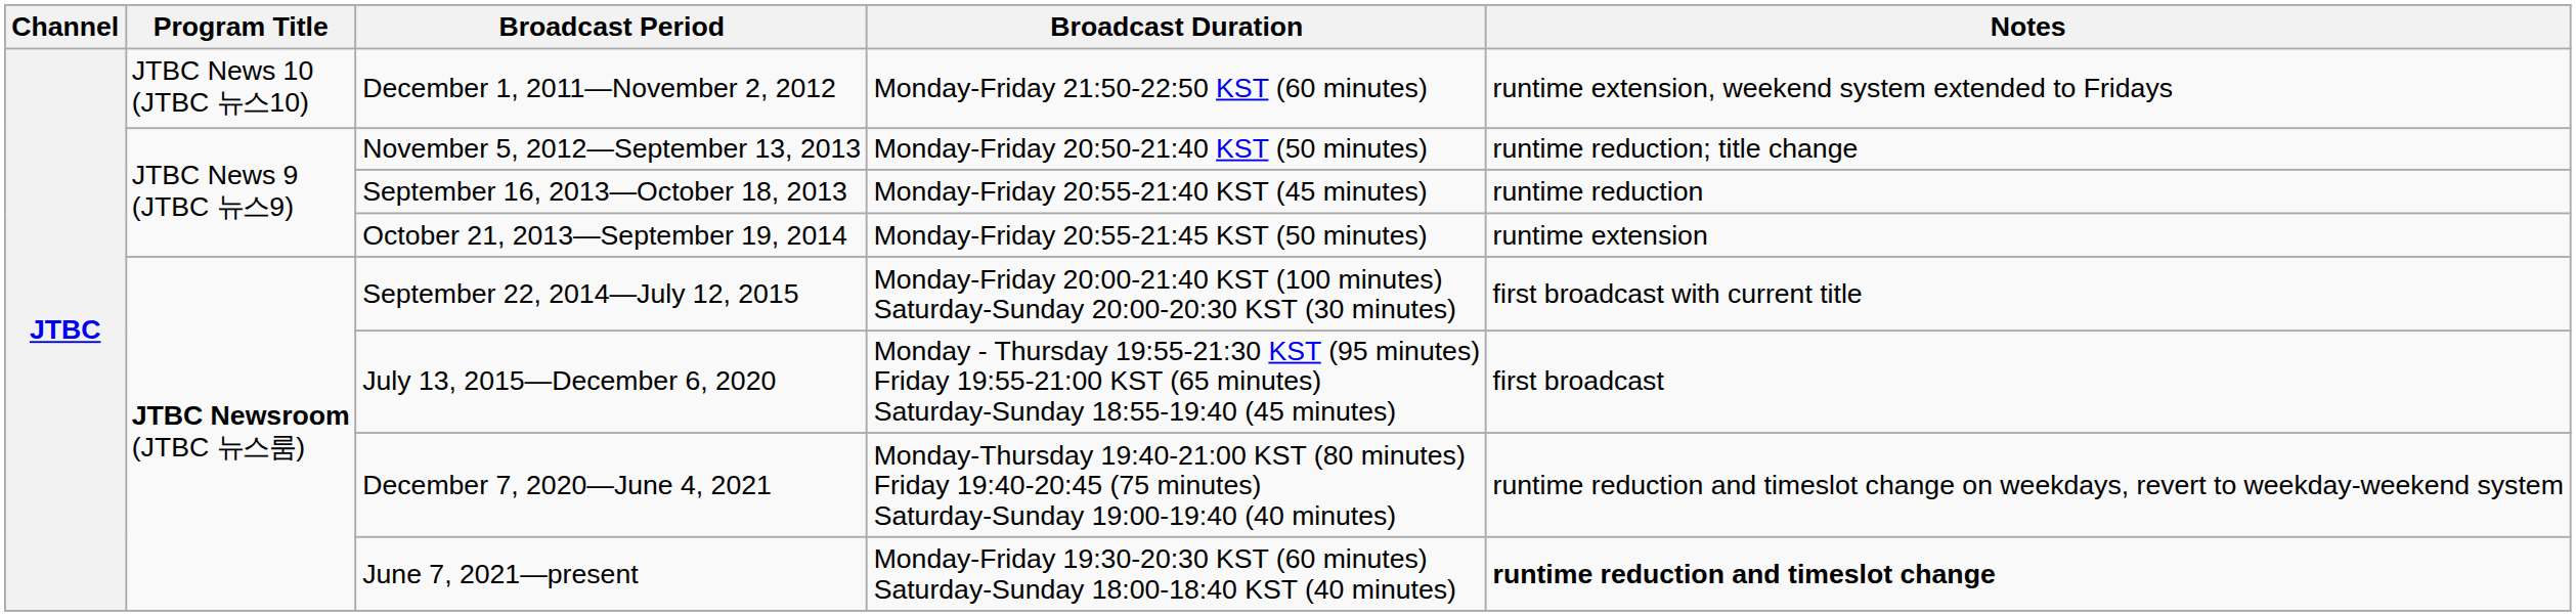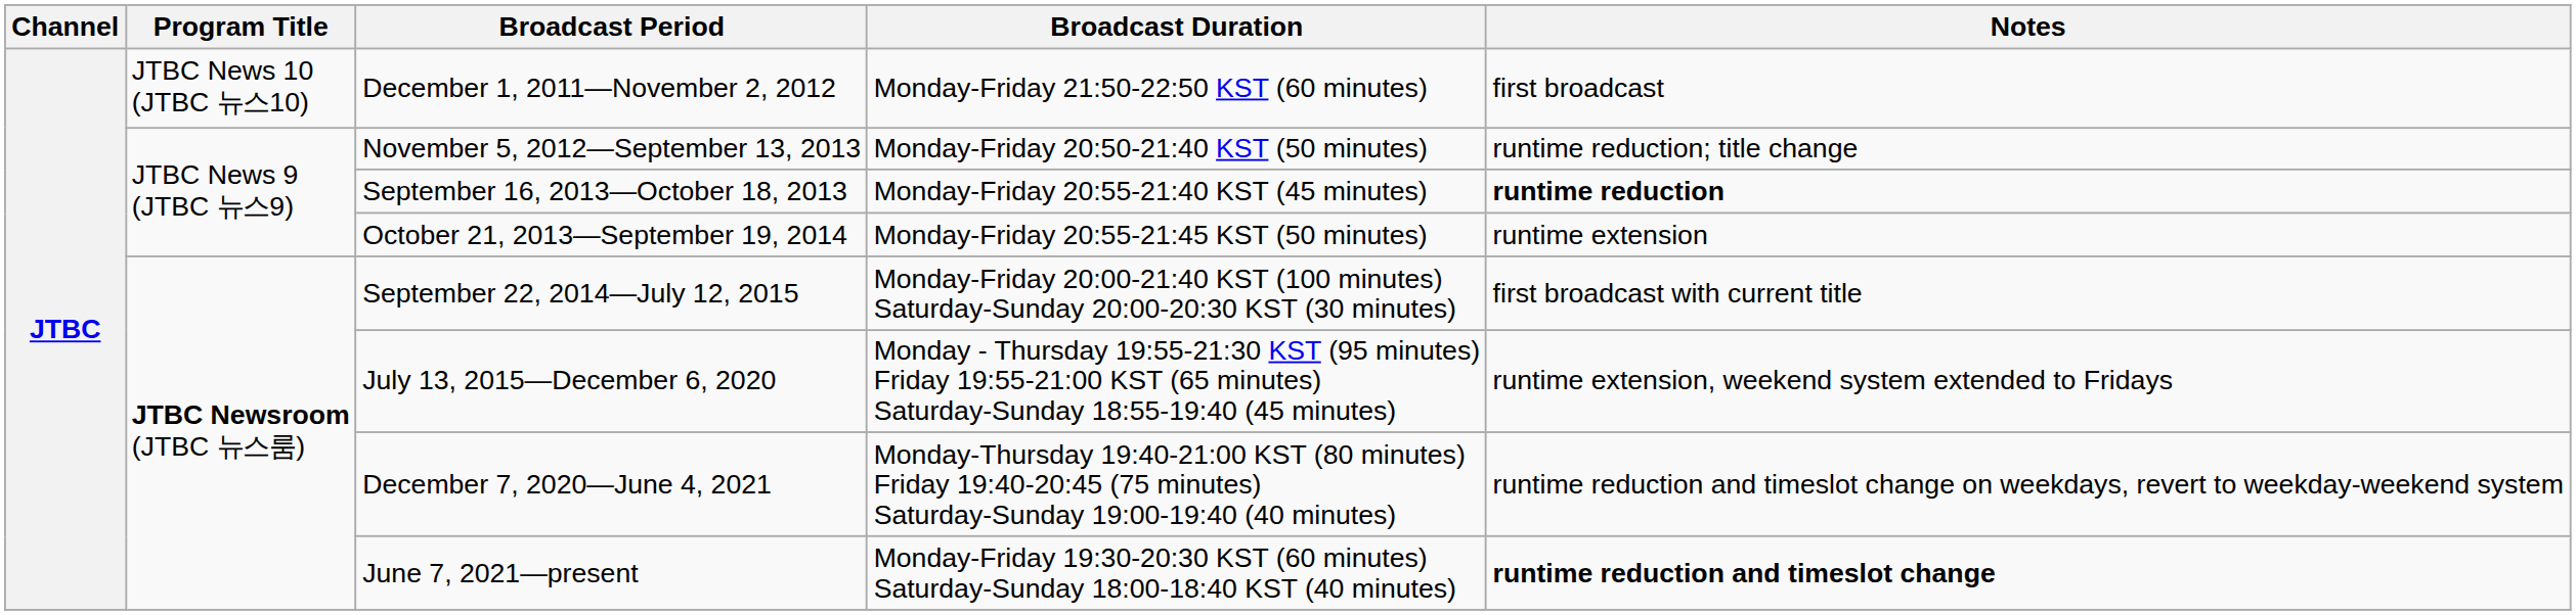 <table class="wikitable" style="font-size: 90%">
 <tr>
 <th>Channel</th>
 <th>Program Title</th>
 <th>Broadcast Period</th>
 <th>Broadcast Duration</th>
 <th>Notes</th>
 </tr>
 <tr>
 <th rowspan="8" style="vertial-align: center;"><a href='#'>JTBC</a></th>
 <td>JTBC News 10<br>(JTBC 뉴스10)</td>
 <td>December 1, 2011—November 2, 2012</td>
 <td>Monday-Friday 21:50-22:50 <a href='#'>KST</a> (60 minutes)</td>
-<td>runtime extension, weekend system extended to Fridays</td>
+<td>first broadcast</td>
 </tr>
 <tr>
 <td rowspan="3">JTBC News 9<br>(JTBC 뉴스9)</td>
 <td>November 5, 2012—September 13, 2013</td>
 <td>Monday-Friday 20:50-21:40 <a href='#'>KST</a> (50 minutes)</td>
 <td>runtime reduction; title change</td>
 </tr>
 <tr>
 <td>September 16, 2013—October 18, 2013</td>
 <td>Monday-Friday 20:55-21:40 KST (45 minutes)</td>
-<td>runtime reduction</td>
+<td><strong>runtime reduction</strong></td>
 </tr>
 <tr>
 <td>October 21, 2013—September 19, 2014</td>
 <td>Monday-Friday 20:55-21:45 KST (50 minutes)</td>
 <td>runtime extension</td>
 </tr>
 <tr>
 <td rowspan="4"><strong>JTBC Newsroom</strong><br>(JTBC 뉴스룸)</td>
 <td>September 22, 2014—July 12, 2015</td>
 <td>Monday-Friday 20:00-21:40 KST (100 minutes)<br>Saturday-Sunday 20:00-20:30 KST (30 minutes)</td>
 <td>first broadcast with current title</td>
 </tr>
 <tr>
 <td>July 13, 2015—December 6, 2020</td>
 <td>Monday - Thursday 19:55-21:30 <a href='#'>KST</a> (95 minutes)<br>Friday 19:55-21:00 KST (65 minutes)<br>Saturday-Sunday 18:55-19:40 (45 minutes)</td>
-<td>first broadcast</td>
+<td>runtime extension, weekend system extended to Fridays</td>
 </tr>
 <tr>
 <td>December 7, 2020—June 4, 2021</td>
 <td>Monday-Thursday 19:40-21:00 KST (80 minutes)<br>Friday 19:40-20:45 (75 minutes)<br>Saturday-Sunday 19:00-19:40 (40 minutes)</td>
 <td>runtime reduction and timeslot change on weekdays, revert to weekday-weekend system</td>
 </tr>
 <tr>
 <td>June 7, 2021—present</td>
 <td>Monday-Friday 19:30-20:30 KST (60 minutes)<br>Saturday-Sunday 18:00-18:40 KST (40 minutes)</td>
 <td><strong>runtime reduction and timeslot change</strong></td>
 </tr>
 </table>
